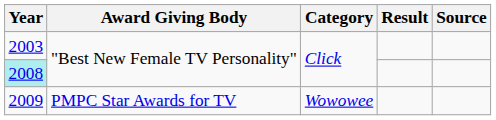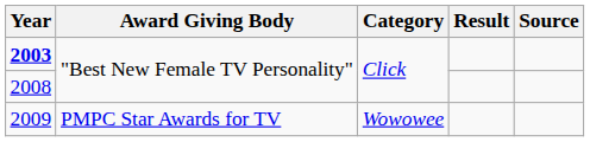 <table class="wikitable">
 <tr>
 <th>Year</th>
 <th>Award Giving Body</th>
 <th>Category</th>
 <th>Result</th>
 <th>Source</th>
 </tr>
 <tr>
-<td><a href='#'>2003</a></td>
+<td><strong><a href='#'>2003</a></strong></td>
 <td rowspan="2">"Best New Female TV Personality"</td>
 <td rowspan=2><em><a href='#'>Click</a></em></td>
 <td></td>
 <td></td>
 </tr>
 <tr>
-<td style="background: paleturquoise;"><a href='#'>2008</a></td>
+<td><a href='#'>2008</a></td>
 <td></td>
 <td></td>
 </tr>
 <tr>
 <td><a href='#'>2009</a></td>
 <td rowspan="3"><a href='#'>PMPC Star Awards for TV</a></td>
 <td rowspan=2><em><a href='#'>Wowowee</a></em></td>
 <td></td>
 <td></td>
 </tr>
 </table>
